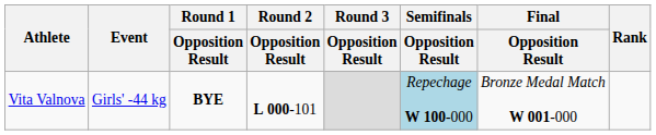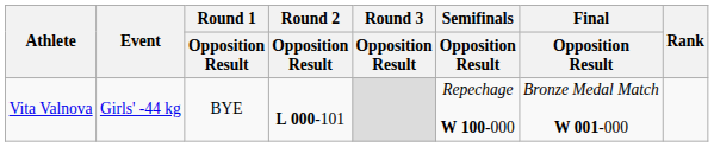 <table class="wikitable" border="1" style="font-size:90%">
 <tr>
 <th rowspan=2>Athlete</th>
 <th rowspan=2>Event</th>
 <th>Round 1</th>
 <th>Round 2</th>
 <th>Round 3</th>
 <th>Semifinals</th>
 <th>Final</th>
 <th rowspan=2>Rank</th>
 </tr>
 <tr>
 <th>Opposition<br>Result</th>
 <th>Opposition<br>Result</th>
 <th>Opposition<br>Result</th>
 <th>Opposition<br>Result</th>
 <th>Opposition<br>Result</th>
 </tr>
 <tr>
 <td><a href='#'>Vita Valnova</a></td>
 <td><a href='#'>Girls' -44 kg</a></td>
-<td align=center><strong>BYE</strong></td>
+<td align=center>BYE</td>
 <td align=center> <br> <strong>L</strong> <strong>000</strong>-101</td>
 <td bgcolor=#DCDCDC></td>
-<td align=center style="background: lightblue;"><em>Repechage</em><br> <br> <strong>W</strong> <strong>100</strong>-000</td>
+<td align=center><em>Repechage</em><br> <br> <strong>W</strong> <strong>100</strong>-000</td>
 <td align=center><em>Bronze Medal Match</em><br> <br> <strong>W</strong> <strong>001</strong>-000</td>
 <td align=center></td>
 </tr>
 </table>
